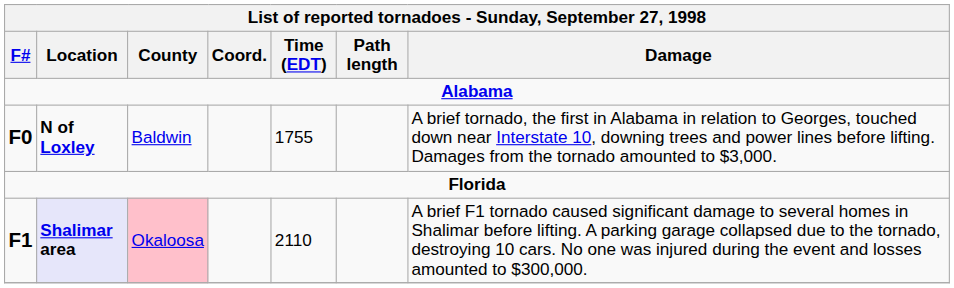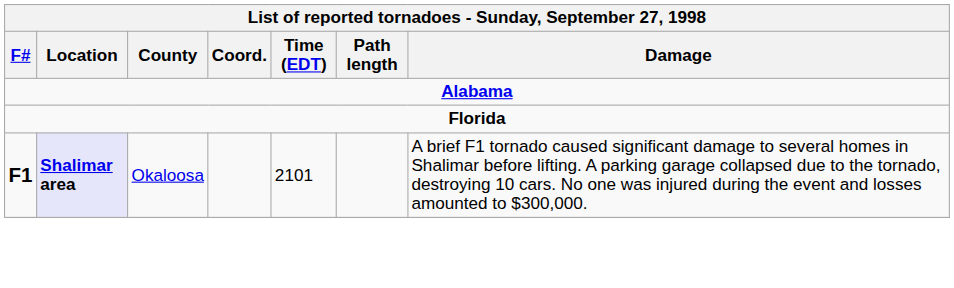 <table class="wikitable collapsible" width="100%">
 <tr>
 <th colspan="7">List of reported tornadoes - Sunday, September 27, 1998</th>
 </tr>
 <tr>
 <th><a href='#'>F#</a></th>
 <th>Location</th>
 <th>County</th>
 <th>Coord.</th>
 <th>Time (<a href='#'>EDT</a>)</th>
 <th>Path length</th>
 <th>Damage</th>
 </tr>
 <tr>
 <td colspan="7" align=center><strong><a href='#'>Alabama</a></strong></td>
 </tr>
 <tr>
-<td><big><strong>F0</strong></big></td>
-<td><strong>N of <a href='#'>Loxley</a></strong></td>
-<td><a href='#'>Baldwin</a></td>
-<td></td>
-<td>1755</td>
-<td></td>
-<td>A brief tornado, the first in Alabama in relation to Georges, touched down near <a href='#'>Interstate 10</a>, downing trees and power lines before lifting. Damages from the tornado amounted to $3,000.</td>
-</tr>
-<tr>
 <td colspan="7" align=center><strong>Florida</strong></td>
 </tr>
 <tr>
 <td><big><strong>F1</strong></big></td>
 <td style="background: lavender;"><strong><a href='#'>Shalimar</a> area</strong></td>
-<td style="background: pink;"><a href='#'>Okaloosa</a></td>
+<td><a href='#'>Okaloosa</a></td>
 <td></td>
-<td>2110</td>
+<td>2101</td>
 <td></td>
 <td>A brief F1 tornado caused significant damage to several homes in Shalimar before lifting. A parking garage collapsed due to the tornado, destroying 10 cars. No one was injured during the event and losses amounted to $300,000.</td>
 </tr>
 <tr>
 </tr>
 </table>
